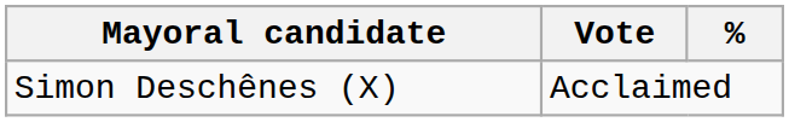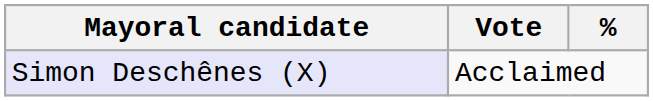 <table class="wikitable">
 <tr>
 <th bgcolor="#DDDDFF" width="200px">Mayoral candidate</th>
 <th bgcolor="#DDDDFF" width="50px">Vote</th>
 <th bgcolor="#DDDDFF"  width="30px">%</th>
 </tr>
 <tr>
-<td>Simon Deschênes (X)</td>
+<td style="background: lavender;">Simon Deschênes (X)</td>
 <td colspan="2">Acclaimed</td>
 </tr>
 </table>
